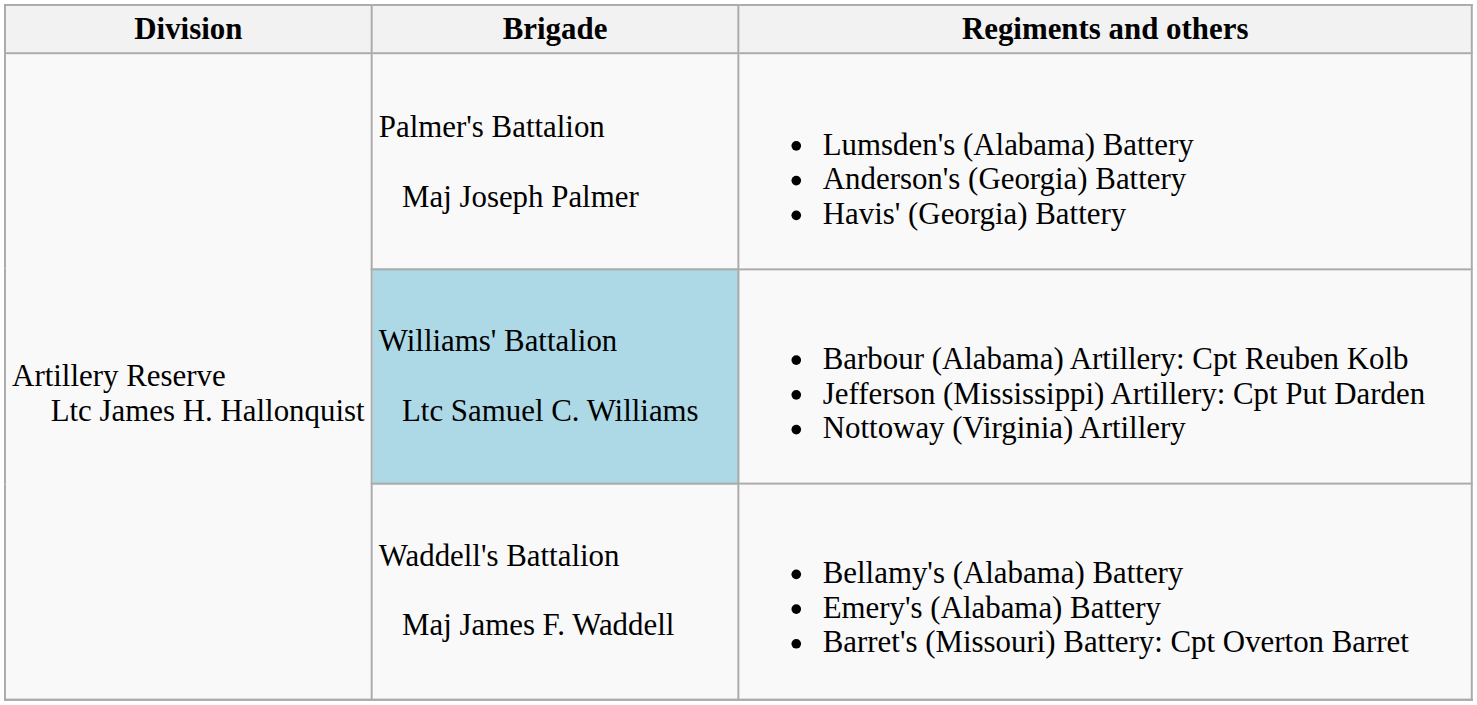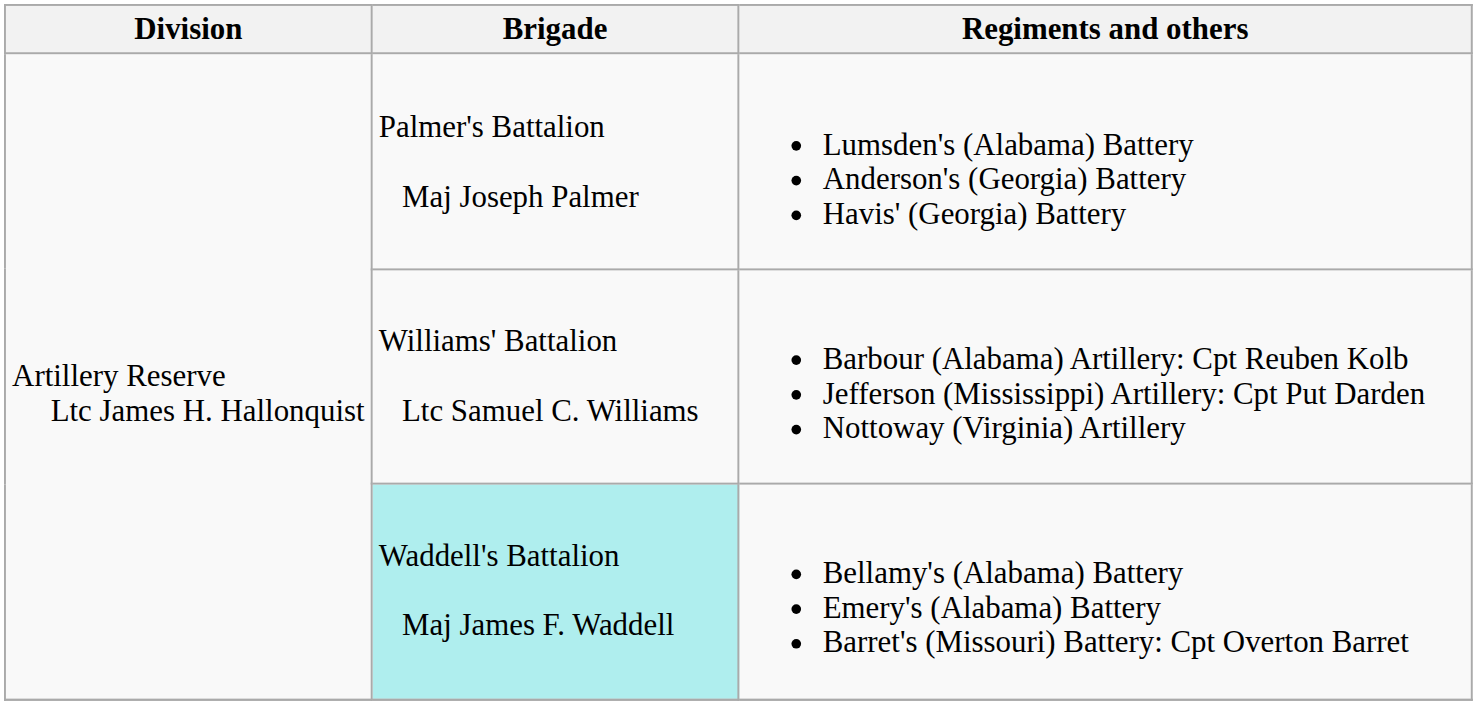 <table class="wikitable">
 <tr>
 <th width=25%>Division</th>
 <th width=25%>Brigade</th>
 <th>Regiments and others</th>
 </tr>
 <tr>
 <td rowspan=3><br>Artillery Reserve <br>     Ltc James H. Hallonquist</td>
 <td>Palmer's Battalion<br><br>   Maj Joseph Palmer</td>
 <td><br><ul><li>Lumsden's (Alabama) Battery</li><li>Anderson's (Georgia) Battery</li><li>Havis' (Georgia) Battery</li></ul></td>
 </tr>
 <tr>
-<td style="background: lightblue;">Williams' Battalion<br><br>   Ltc Samuel C. Williams</td>
+<td>Williams' Battalion<br><br>   Ltc Samuel C. Williams</td>
 <td><br><ul><li>Barbour (Alabama) Artillery: Cpt Reuben Kolb</li><li>Jefferson (Mississippi) Artillery: Cpt Put Darden</li><li>Nottoway (Virginia) Artillery</li></ul></td>
 </tr>
 <tr>
-<td>Waddell's Battalion<br><br>   Maj James F. Waddell</td>
+<td style="background: paleturquoise;">Waddell's Battalion<br><br>   Maj James F. Waddell</td>
 <td><br><ul><li>Bellamy's (Alabama) Battery</li><li>Emery's (Alabama) Battery</li><li>Barret's (Missouri) Battery: Cpt Overton Barret</li></ul></td>
 </tr>
 <tr>
 </tr>
 </table>
